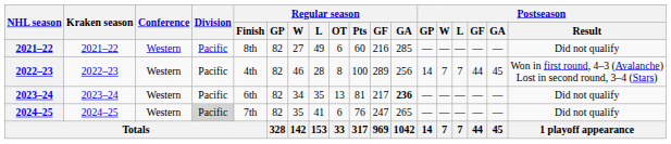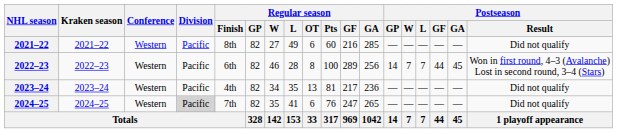 <table class="wikitable" style="text-align:center; font-size:95%;">
 <tr>
 <th rowspan="2"><a href='#'>NHL season</a></th>
 <th rowspan="2">Kraken season</th>
 <th rowspan="2"><a href='#'>Conference</a></th>
 <th rowspan="2"><a href='#'>Division</a></th>
 <th colspan="8"><a href='#'>Regular season</a></th>
 <th colspan="6"><a href='#'>Postseason</a></th>
 </tr>
 <tr>
 <th scope="col">Finish</th>
 <th scope="col">GP</th>
 <th scope="col">W</th>
 <th scope="col">L</th>
 <th scope="col">OT</th>
 <th scope="col">Pts</th>
 <th scope="col">GF</th>
 <th scope="col">GA</th>
 <th scope="col">GP</th>
 <th scope="col">W</th>
 <th scope="col">L</th>
 <th scope="col">GF</th>
 <th scope="col">GA</th>
 <th scope="col">Result</th>
 </tr>
 <tr>
 <th scope=row><a href='#'>2021–22</a></th>
 <td><a href='#'>2021–22</a></td>
 <td><a href='#'>Western</a></td>
 <td><a href='#'>Pacific</a></td>
 <td>8th</td>
 <td>82</td>
 <td>27</td>
 <td>49</td>
 <td>6</td>
 <td>60</td>
 <td>216</td>
 <td>285</td>
 <td>—</td>
 <td>—</td>
 <td>—</td>
 <td>—</td>
 <td>—</td>
 <td>Did not qualify</td>
 </tr>
 <tr>
 <th scope=row><a href='#'>2022–23</a></th>
 <td><a href='#'>2022–23</a></td>
 <td>Western</td>
 <td>Pacific</td>
-<td>4th</td>
+<td>6th</td>
 <td>82</td>
 <td>46</td>
 <td>28</td>
 <td>8</td>
 <td>100</td>
 <td>289</td>
 <td>256</td>
 <td>14</td>
 <td>7</td>
 <td>7</td>
 <td>44</td>
 <td>45</td>
 <td>Won in <a href='#'>first round</a>, 4–3 (<a href='#'>Avalanche</a>)<br>Lost in second round, 3–4 (<a href='#'>Stars</a>)</td>
 </tr>
 <tr>
 <th scope=row><a href='#'>2023–24</a></th>
 <td><a href='#'>2023–24</a></td>
 <td>Western</td>
 <td>Pacific</td>
-<td>6th</td>
+<td>4th</td>
 <td>82</td>
 <td>34</td>
 <td>35</td>
 <td>13</td>
 <td>81</td>
 <td>217</td>
-<td><strong>236</strong></td>
+<td>236</td>
 <td>—</td>
 <td>—</td>
 <td>—</td>
 <td>—</td>
 <td>—</td>
 <td>Did not qualify</td>
 </tr>
 <tr>
 <th><a href='#'>2024–25</a></th>
 <td><a href='#'>2024–25</a></td>
 <td>Western</td>
 <td style="background: lightgrey;">Pacific</td>
 <td>7th</td>
 <td>82</td>
 <td>35</td>
 <td>41</td>
 <td>6</td>
 <td>76</td>
 <td>247</td>
 <td>265</td>
 <td>—</td>
 <td>—</td>
 <td>—</td>
 <td>—</td>
 <td>—</td>
 <td>Did not qualify</td>
 </tr>
 <tr>
 <th colspan="5">Totals</th>
 <th>328</th>
 <th>142</th>
 <th>153</th>
 <th>33</th>
 <th>317</th>
 <th>969</th>
 <th>1042</th>
 <th>14</th>
 <th>7</th>
 <th>7</th>
 <th>44</th>
 <th>45</th>
 <th>1 playoff appearance</th>
 </tr>
 </table>
